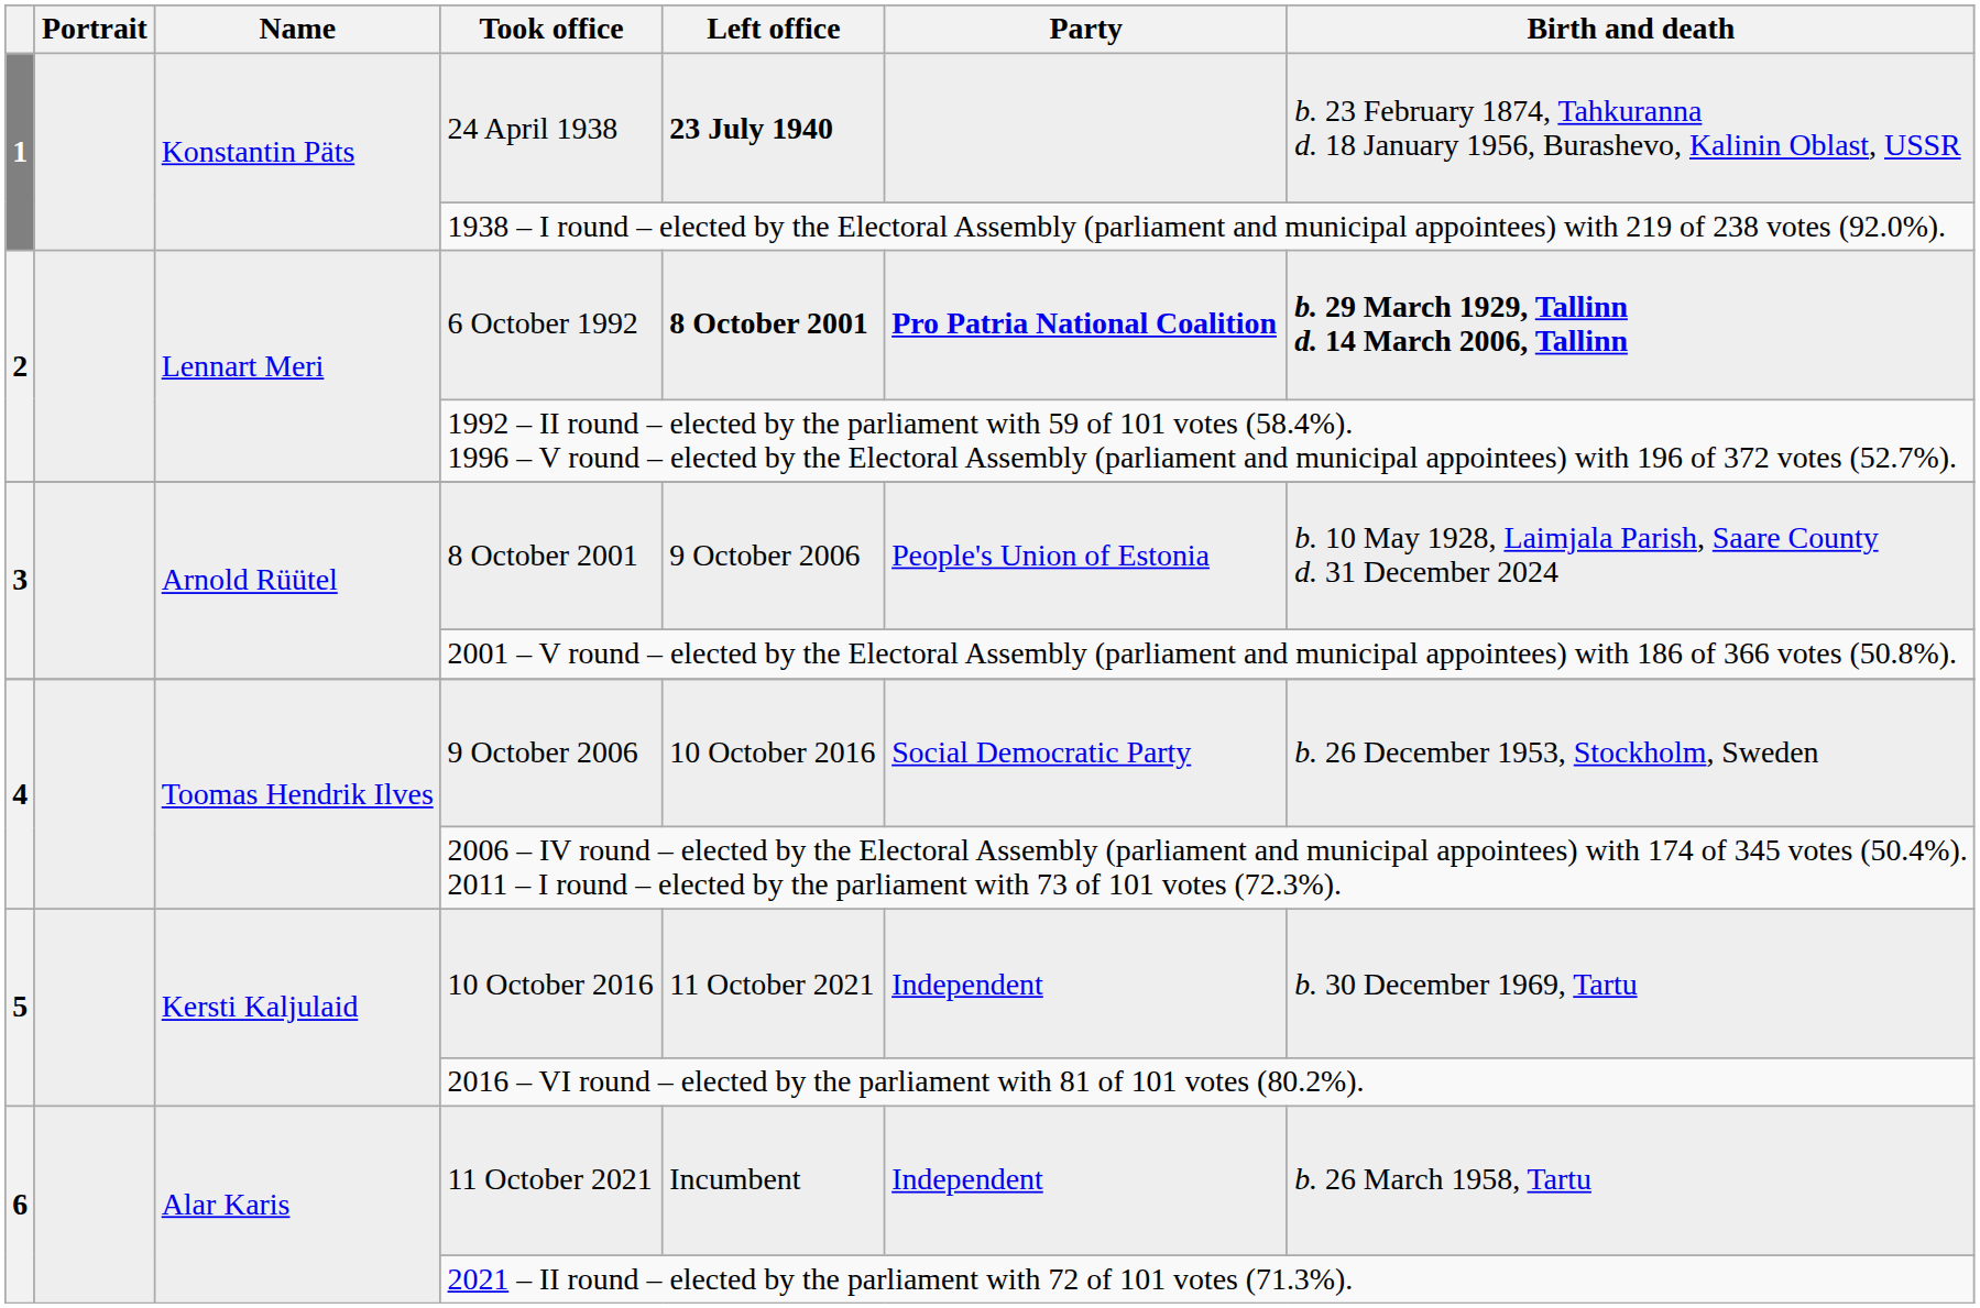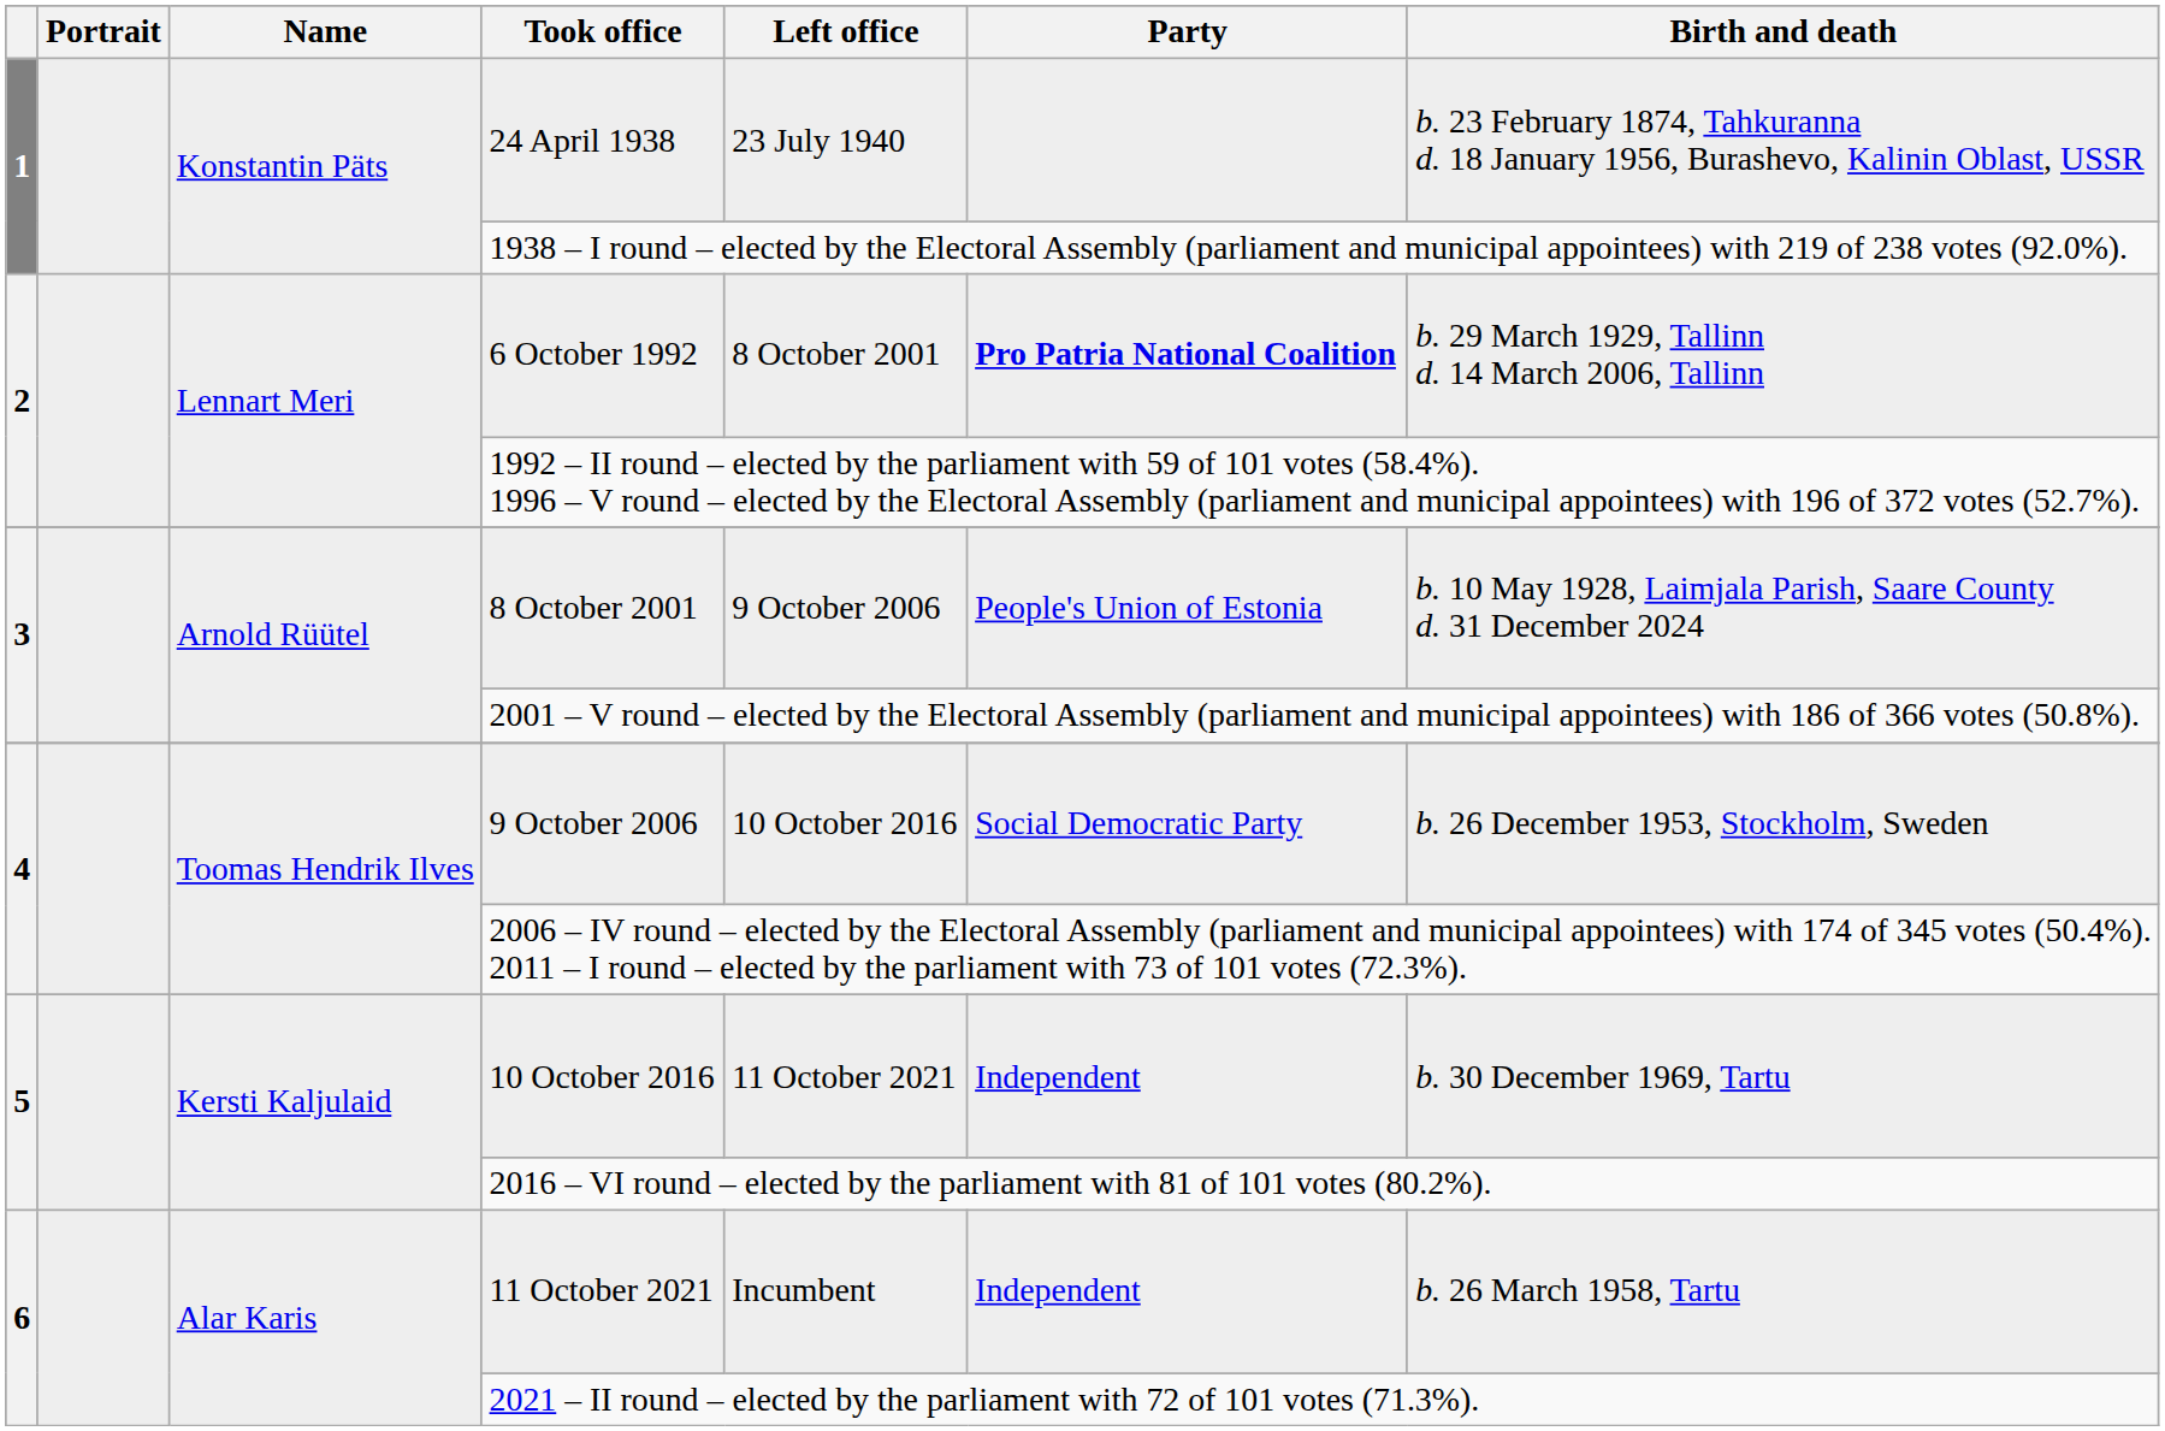 <table class="wikitable">
 <tr style="background:#efefef;">
 <th></th>
 <th>Portrait</th>
 <th>Name</th>
 <th>Took office</th>
 <th>Left office</th>
 <th>Party</th>
 <th>Birth and death</th>
 </tr>
 <tr style="background:#EEEEEE;">
 <th rowspan="2" style="background:gray; color:white">1</th>
 <td rowspan="2"></td>
 <td rowspan="2"><a href='#'>Konstantin Päts</a></td>
 <td>24 April 1938</td>
-<td><strong>23 July 1940</strong></td>
+<td>23 July 1940</td>
 <td height=70></td>
 <td><em>b.</em> 23 February 1874, <a href='#'>Tahkuranna</a><br><em>d.</em> 18 January 1956, Burashevo, <a href='#'>Kalinin Oblast</a>, <a href='#'>USSR</a></td>
 </tr>
 <tr>
 <td colspan="4">1938 – I round – elected by the Electoral Assembly (parliament and municipal appointees) with 219 of 238 votes (92.0%).</td>
 </tr>
 <tr style="background:#EEEEEE;">
 <th rowspan="2" style="background:">2</th>
 <td rowspan="2"></td>
 <td rowspan="2"><a href='#'>Lennart Meri</a></td>
 <td>6 October 1992</td>
-<td><strong>8 October 2001</strong></td>
+<td>8 October 2001</td>
 <td height=70><strong><a href='#'>Pro Patria National Coalition</a></strong></td>
-<td><strong><em>b.</em> 29 March 1929, <a href='#'>Tallinn</a><br><em>d.</em> 14 March 2006, <a href='#'>Tallinn</a></strong></td>
+<td><em>b.</em> 29 March 1929, <a href='#'>Tallinn</a><br><em>d.</em> 14 March 2006, <a href='#'>Tallinn</a></td>
 </tr>
 <tr>
 <td colspan="4">1992 – II round – elected by the parliament with 59 of 101 votes (58.4%).<br>1996 – V round – elected by the Electoral Assembly (parliament and municipal appointees) with 196 of 372 votes (52.7%).</td>
 </tr>
 <tr>
 </tr>
 <tr style="background:#EEEEEE;">
 <th rowspan="2" style="background:">3</th>
 <td rowspan="2"></td>
 <td rowspan="2"><a href='#'>Arnold Rüütel</a></td>
 <td>8 October 2001</td>
 <td>9 October 2006</td>
 <td height=70><a href='#'>People's Union of Estonia</a></td>
 <td><em>b.</em> 10 May 1928, <a href='#'>Laimjala Parish</a>, <a href='#'>Saare County</a><br><em>d.</em> 31 December 2024</td>
 </tr>
 <tr>
 <td colspan="4">2001 – V round – elected by the Electoral Assembly (parliament and municipal appointees) with 186 of 366 votes (50.8%).</td>
 </tr>
 <tr>
 </tr>
 <tr style="background:#EEEEEE;">
 <th rowspan="2" style="background:">4</th>
 <td rowspan="2"></td>
 <td rowspan="2"><a href='#'>Toomas Hendrik Ilves</a></td>
 <td>9 October 2006</td>
 <td>10 October 2016</td>
 <td height=70><a href='#'>Social Democratic Party</a></td>
 <td><em>b.</em> 26 December 1953, <a href='#'>Stockholm</a>, Sweden</td>
 </tr>
 <tr>
 <td colspan="4">2006 – IV round – elected by the Electoral Assembly (parliament and municipal appointees) with 174 of 345 votes (50.4%).<br>2011 – I round – elected by the parliament with 73 of 101 votes (72.3%).</td>
 </tr>
 <tr style="background:#EEEEEE;">
 <th rowspan="2" style="background:">5</th>
 <td rowspan="2"></td>
 <td rowspan="2"><a href='#'>Kersti Kaljulaid</a></td>
 <td>10 October 2016</td>
 <td>11 October 2021</td>
 <td height=70><a href='#'>Independent</a></td>
 <td><em>b.</em> 30 December 1969, <a href='#'>Tartu</a></td>
 </tr>
 <tr>
 <td colspan="4">2016 – VI round – elected by the parliament with 81 of 101 votes (80.2%).</td>
 </tr>
 <tr style="background:#EEEEEE;">
 <th rowspan="2" style="background:">6</th>
 <td rowspan="2"></td>
 <td rowspan="2"><a href='#'>Alar Karis</a></td>
 <td>11 October 2021</td>
 <td>Incumbent</td>
 <td height=70><a href='#'>Independent</a></td>
 <td><em>b.</em> 26 March 1958, <a href='#'>Tartu</a></td>
 </tr>
 <tr>
 <td colspan="4"><a href='#'>2021</a> – II round – elected by the parliament with 72 of 101 votes (71.3%).</td>
 </tr>
 </table>
